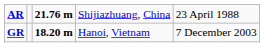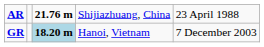 <table class="wikitable" style="font-size:95%; position:relative;">
 <tr>
 <td align=center><strong><a href='#'>AR</a></strong></td>
 <td></td>
 <td><strong>21.76 m</strong></td>
 <td><a href='#'>Shijiazhuang</a>, <a href='#'>China</a></td>
 <td>23 April 1988</td>
 </tr>
 <tr>
 <td align=center><strong><a href='#'>GR</a></strong></td>
 <td></td>
-<td><strong>18.20 m</strong></td>
+<td style="background: lightblue;"><strong>18.20 m</strong></td>
 <td><a href='#'>Hanoi</a>, <a href='#'>Vietnam</a></td>
 <td>7 December 2003</td>
 </tr>
 </table>
